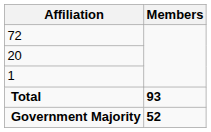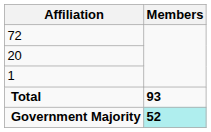 <table class="wikitable">
 <tr>
 <th colspan="2">Affiliation</th>
 <th>Members</th>
 </tr>
 <tr>
 <td>72</td>
 </tr>
 <tr>
 <td>20</td>
 </tr>
 <tr>
 <td>1</td>
 </tr>
 <tr>
 <td colspan="2" rowspan="1" align=left> <strong>Total</strong><br></td>
 <td><strong>93</strong></td>
 </tr>
 <tr>
 <td colspan="2" rowspan="1" align=left> <strong>Government Majority</strong><br></td>
-<td><strong>52</strong></td>
+<td style="background: paleturquoise;"><strong>52</strong></td>
 </tr>
 </table>
